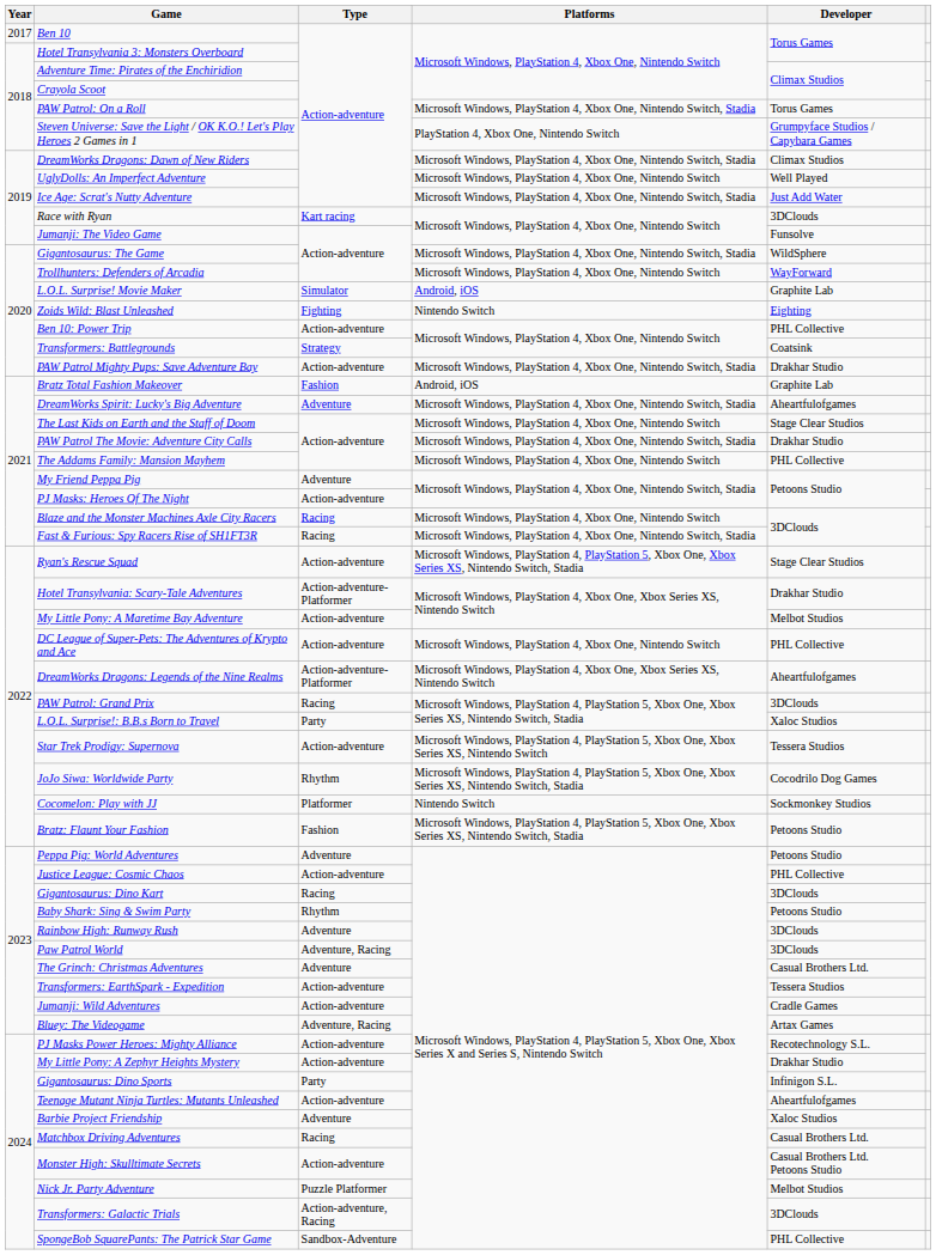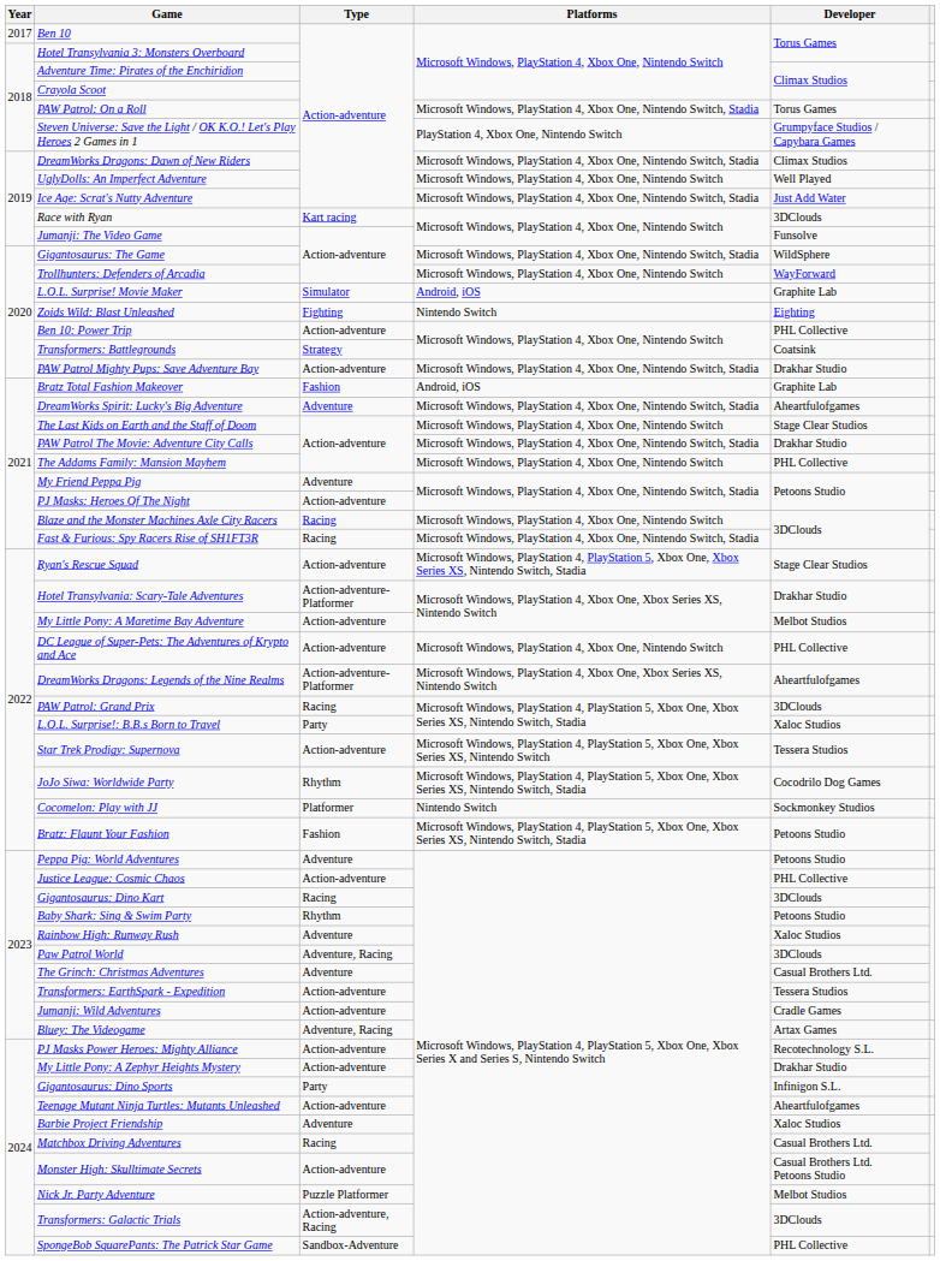 <table class="wikitable sortable plainrowheaders">
 <tr>
 <th scope="col">Year</th>
 <th scope="col">Game</th>
 <th scope="col">Type</th>
 <th scope="col">Platforms</th>
 <th scope="col">Developer</th>
 <th class="unsortable" scope="col"></th>
 </tr>
 <tr>
 <td>2017</td>
 <td><em><a href='#'>Ben 10</a></em></td>
 <td rowspan="9"><a href='#'>Action-adventure</a></td>
 <td rowspan="4"><a href='#'>Microsoft Windows</a>, <a href='#'>PlayStation 4</a>, <a href='#'>Xbox One</a>, <a href='#'>Nintendo Switch</a></td>
 <td rowspan="2"><a href='#'>Torus Games</a></td>
 <td></td>
 </tr>
 <tr>
 <td rowspan="5">2018</td>
 <td><em><a href='#'>Hotel Transylvania 3: Monsters Overboard</a></em></td>
 <td></td>
 </tr>
 <tr>
 <td><em><a href='#'>Adventure Time: Pirates of the Enchiridion</a></em></td>
 <td rowspan="2"><a href='#'>Climax Studios</a></td>
 <td></td>
 </tr>
 <tr>
 <td><em><a href='#'>Crayola Scoot</a></em></td>
 <td></td>
 </tr>
 <tr>
 <td><em><a href='#'>PAW Patrol: On a Roll</a></em></td>
 <td>Microsoft Windows, PlayStation 4, Xbox One, Nintendo Switch, <a href='#'>Stadia</a></td>
 <td>Torus Games</td>
 </tr>
 <tr>
 <td><em><a href='#'>Steven Universe: Save the Light</a> / <a href='#'>OK K.O.! Let's Play Heroes</a> 2 Games in 1</em></td>
 <td>PlayStation 4, Xbox One, Nintendo Switch</td>
 <td><a href='#'>Grumpyface Studios</a> / <a href='#'>Capybara Games</a></td>
 <td></td>
 </tr>
 <tr>
 <td rowspan="5">2019</td>
 <td><em><a href='#'>DreamWorks Dragons: Dawn of New Riders</a></em></td>
 <td>Microsoft Windows, PlayStation 4, Xbox One, Nintendo Switch, Stadia</td>
 <td>Climax Studios</td>
 <td></td>
 </tr>
 <tr>
 <td><em><a href='#'>UglyDolls: An Imperfect Adventure</a></em></td>
 <td>Microsoft Windows, PlayStation 4, Xbox One, Nintendo Switch</td>
 <td>Well Played</td>
 <td></td>
 </tr>
 <tr>
 <td><em><a href='#'>Ice Age: Scrat's Nutty Adventure</a></em></td>
 <td>Microsoft Windows, PlayStation 4, Xbox One, Nintendo Switch, Stadia</td>
 <td><a href='#'>Just Add Water</a></td>
 <td></td>
 </tr>
 <tr>
 <td><em>Race with Ryan</em></td>
 <td><a href='#'>Kart racing</a></td>
 <td rowspan="2">Microsoft Windows, PlayStation 4, Xbox One, Nintendo Switch</td>
 <td>3DClouds</td>
 <td></td>
 </tr>
 <tr>
 <td><em><a href='#'>Jumanji: The Video Game</a></em></td>
 <td rowspan="3">Action-adventure</td>
 <td>Funsolve</td>
 <td></td>
 </tr>
 <tr>
 <td rowspan="7">2020</td>
 <td><em><a href='#'>Gigantosaurus: The Game</a></em></td>
 <td>Microsoft Windows, PlayStation 4, Xbox One, Nintendo Switch, Stadia</td>
 <td>WildSphere</td>
 <td></td>
 </tr>
 <tr>
 <td><em><a href='#'>Trollhunters: Defenders of Arcadia</a></em></td>
 <td>Microsoft Windows, PlayStation 4, Xbox One, Nintendo Switch</td>
 <td><a href='#'>WayForward</a></td>
 <td></td>
 </tr>
 <tr>
 <td><em><a href='#'>L.O.L. Surprise! Movie Maker</a></em></td>
 <td><a href='#'>Simulator</a></td>
 <td><a href='#'>Android</a>, <a href='#'>iOS</a></td>
 <td>Graphite Lab</td>
 <td></td>
 </tr>
 <tr>
 <td><em><a href='#'>Zoids Wild: Blast Unleashed</a></em></td>
 <td><a href='#'>Fighting</a></td>
 <td>Nintendo Switch</td>
 <td><a href='#'>Eighting</a></td>
 <td></td>
 </tr>
 <tr>
 <td><em><a href='#'>Ben 10: Power Trip</a></em></td>
 <td>Action-adventure</td>
 <td rowspan="2">Microsoft Windows, PlayStation 4, Xbox One, Nintendo Switch</td>
 <td>PHL Collective</td>
 <td></td>
 </tr>
 <tr>
 <td><em><a href='#'>Transformers: Battlegrounds</a></em></td>
 <td><a href='#'>Strategy</a></td>
 <td>Coatsink</td>
 <td></td>
 </tr>
 <tr>
 <td><em><a href='#'>PAW Patrol Mighty Pups: Save Adventure Bay</a></em></td>
 <td>Action-adventure</td>
 <td>Microsoft Windows, PlayStation 4, Xbox One, Nintendo Switch, Stadia</td>
 <td>Drakhar Studio</td>
 <td></td>
 </tr>
 <tr>
 <td rowspan="9">2021</td>
 <td><em><a href='#'>Bratz Total Fashion Makeover</a></em></td>
 <td><a href='#'>Fashion</a></td>
 <td>Android, iOS</td>
 <td>Graphite Lab</td>
 <td></td>
 </tr>
 <tr>
 <td><em><a href='#'>DreamWorks Spirit: Lucky's Big Adventure</a></em></td>
 <td><a href='#'>Adventure</a></td>
 <td>Microsoft Windows, PlayStation 4, Xbox One, Nintendo Switch, Stadia</td>
 <td>Aheartfulofgames</td>
 <td></td>
 </tr>
 <tr>
 <td><em><a href='#'>The Last Kids on Earth and the Staff of Doom</a></em></td>
 <td rowspan="3">Action-adventure</td>
 <td>Microsoft Windows, PlayStation 4, Xbox One, Nintendo Switch</td>
 <td>Stage Clear Studios</td>
 <td></td>
 </tr>
 <tr>
 <td><em><a href='#'>PAW Patrol The Movie: Adventure City Calls</a></em></td>
 <td>Microsoft Windows, PlayStation 4, Xbox One, Nintendo Switch, Stadia</td>
 <td>Drakhar Studio</td>
 <td></td>
 </tr>
 <tr>
 <td><em><a href='#'>The Addams Family: Mansion Mayhem</a></em></td>
 <td>Microsoft Windows, PlayStation 4, Xbox One, Nintendo Switch</td>
 <td>PHL Collective</td>
 <td></td>
 </tr>
 <tr>
 <td><em><a href='#'>My Friend Peppa Pig</a></em></td>
 <td>Adventure</td>
 <td rowspan="2">Microsoft Windows, PlayStation 4, Xbox One, Nintendo Switch, Stadia</td>
 <td rowspan="2">Petoons Studio</td>
 <td></td>
 </tr>
 <tr>
 <td><em><a href='#'>PJ Masks: Heroes Of The Night</a></em></td>
 <td>Action-adventure</td>
 <td></td>
 </tr>
 <tr>
 <td><em><a href='#'>Blaze and the Monster Machines Axle City Racers</a></em></td>
 <td><a href='#'>Racing</a></td>
 <td>Microsoft Windows, PlayStation 4, Xbox One, Nintendo Switch</td>
 <td rowspan="2">3DClouds</td>
 <td></td>
 </tr>
 <tr>
 <td><em><a href='#'>Fast & Furious: Spy Racers Rise of SH1FT3R</a></em></td>
 <td>Racing</td>
 <td>Microsoft Windows, PlayStation 4, Xbox One, Nintendo Switch, Stadia</td>
 <td></td>
 </tr>
 <tr>
 <td rowspan="11">2022</td>
 <td><em><a href='#'>Ryan's Rescue Squad</a></em></td>
 <td>Action-adventure</td>
 <td>Microsoft Windows, PlayStation 4, <a href='#'>PlayStation 5</a>, Xbox One, <a href='#'>Xbox Series XS</a>, Nintendo Switch, Stadia</td>
 <td>Stage Clear Studios</td>
 <td></td>
 </tr>
 <tr>
 <td><em><a href='#'>Hotel Transylvania: Scary-Tale Adventures</a></em></td>
 <td>Action-adventure-Platformer</td>
 <td rowspan="2">Microsoft Windows, PlayStation 4, Xbox One, Xbox Series XS, Nintendo Switch</td>
 <td>Drakhar Studio</td>
 <td></td>
 </tr>
 <tr>
 <td><em><a href='#'>My Little Pony: A Maretime Bay Adventure</a></em></td>
 <td>Action-adventure</td>
 <td>Melbot Studios</td>
 <td></td>
 </tr>
 <tr>
 <td><em><a href='#'>DC League of Super-Pets: The Adventures of Krypto and Ace</a></em></td>
 <td>Action-adventure</td>
 <td>Microsoft Windows, PlayStation 4, Xbox One, Nintendo Switch</td>
 <td>PHL Collective</td>
 <td></td>
 </tr>
 <tr>
 <td><em><a href='#'>DreamWorks Dragons: Legends of the Nine Realms</a></em></td>
 <td>Action-adventure-Platformer</td>
 <td>Microsoft Windows, PlayStation 4, Xbox One, Xbox Series XS, Nintendo Switch</td>
 <td>Aheartfulofgames</td>
 <td></td>
 </tr>
 <tr>
 <td><em><a href='#'>PAW Patrol: Grand Prix</a></em></td>
 <td>Racing</td>
 <td rowspan="2">Microsoft Windows, PlayStation 4, PlayStation 5, Xbox One, Xbox Series XS, Nintendo Switch, Stadia</td>
 <td>3DClouds</td>
 <td></td>
 </tr>
 <tr>
 <td><em><a href='#'>L.O.L. Surprise!: B.B.s Born to Travel</a></em></td>
 <td>Party</td>
 <td>Xaloc Studios</td>
 <td></td>
 </tr>
 <tr>
 <td><em><a href='#'>Star Trek Prodigy: Supernova</a></em></td>
 <td>Action-adventure</td>
 <td>Microsoft Windows, PlayStation 4, PlayStation 5, Xbox One, Xbox Series XS, Nintendo Switch</td>
 <td>Tessera Studios</td>
 <td></td>
 </tr>
 <tr>
 <td><em><a href='#'>JoJo Siwa: Worldwide Party</a></em></td>
 <td>Rhythm</td>
 <td>Microsoft Windows, PlayStation 4, PlayStation 5, Xbox One, Xbox Series XS, Nintendo Switch, Stadia</td>
 <td>Cocodrilo Dog Games</td>
 <td></td>
 </tr>
 <tr>
 <td><em><a href='#'>Cocomelon: Play with JJ</a></em></td>
 <td>Platformer</td>
 <td>Nintendo Switch</td>
 <td>Sockmonkey Studios</td>
 </tr>
 <tr>
 <td><em><a href='#'>Bratz: Flaunt Your Fashion</a></em></td>
 <td>Fashion</td>
 <td>Microsoft Windows, PlayStation 4, PlayStation 5, Xbox One, Xbox Series XS, Nintendo Switch, Stadia</td>
 <td>Petoons Studio</td>
 <td></td>
 </tr>
 <tr>
 <td rowspan="10">2023</td>
 <td><em><a href='#'>Peppa Pig: World Adventures</a></em></td>
 <td>Adventure</td>
 <td rowspan="20">Microsoft Windows, PlayStation 4, PlayStation 5, Xbox One, Xbox Series X and Series S, Nintendo Switch</td>
 <td>Petoons Studio</td>
 <td></td>
 </tr>
 <tr>
 <td><em><a href='#'>Justice League: Cosmic Chaos</a></em></td>
 <td>Action-adventure</td>
 <td>PHL Collective</td>
 <td></td>
 </tr>
 <tr>
 <td><em><a href='#'>Gigantosaurus: Dino Kart</a></em></td>
 <td>Racing</td>
 <td>3DClouds</td>
 </tr>
 <tr>
 <td><em><a href='#'>Baby Shark: Sing & Swim Party</a></em></td>
 <td>Rhythm</td>
 <td>Petoons Studio</td>
 </tr>
 <tr>
 <td><em><a href='#'>Rainbow High: Runway Rush</a></em></td>
 <td>Adventure</td>
-<td>3DClouds</td>
+<td>Xaloc Studios</td>
 </tr>
 <tr>
 <td><em><a href='#'>Paw Patrol World</a></em></td>
 <td>Adventure, Racing</td>
 <td>3DClouds</td>
 </tr>
 <tr>
 <td><em><a href='#'>The Grinch: Christmas Adventures</a></em></td>
 <td>Adventure</td>
 <td>Casual Brothers Ltd.</td>
 </tr>
 <tr>
 <td><em><a href='#'>Transformers: EarthSpark - Expedition</a></em></td>
 <td>Action-adventure</td>
 <td>Tessera Studios</td>
 </tr>
 <tr>
 <td><em><a href='#'>Jumanji: Wild Adventures</a></em></td>
 <td>Action-adventure</td>
 <td>Cradle Games</td>
 </tr>
 <tr>
 <td><em><a href='#'>Bluey: The Videogame</a></em></td>
 <td>Adventure, Racing</td>
 <td>Artax Games</td>
 <td></td>
 </tr>
 <tr>
 <td rowspan="10">2024</td>
 <td><em><a href='#'>PJ Masks Power Heroes: Mighty Alliance</a></em></td>
 <td>Action-adventure</td>
 <td>Recotechnology S.L.</td>
 </tr>
 <tr>
 <td><em><a href='#'>My Little Pony: A Zephyr Heights Mystery</a></em></td>
 <td>Action-adventure</td>
 <td>Drakhar Studio</td>
 </tr>
 <tr>
 <td><em><a href='#'>Gigantosaurus: Dino Sports</a></em></td>
 <td>Party</td>
 <td>Infinigon S.L.</td>
 </tr>
 <tr>
 <td><em><a href='#'>Teenage Mutant Ninja Turtles: Mutants Unleashed</a></em></td>
 <td>Action-adventure</td>
 <td>Aheartfulofgames</td>
 <td></td>
 </tr>
 <tr>
 <td><em><a href='#'>Barbie Project Friendship</a></em></td>
 <td>Adventure</td>
 <td>Xaloc Studios</td>
 <td rowspan="3"></td>
 </tr>
 <tr>
 <td><em><a href='#'>Matchbox Driving Adventures</a></em></td>
 <td>Racing</td>
 <td>Casual Brothers Ltd.</td>
 </tr>
 <tr>
 <td><em><a href='#'>Monster High: Skulltimate Secrets</a></em></td>
 <td>Action-adventure</td>
 <td>Casual Brothers Ltd.<br>Petoons Studio</td>
 </tr>
 <tr>
 <td><em><a href='#'>Nick Jr. Party Adventure</a></em></td>
 <td>Puzzle Platformer</td>
 <td>Melbot Studios</td>
 </tr>
 <tr>
 <td><em><a href='#'>Transformers: Galactic Trials</a></em></td>
 <td>Action-adventure, Racing</td>
 <td>3DClouds</td>
 <td></td>
 </tr>
 <tr>
 <td><em><a href='#'>SpongeBob SquarePants: The Patrick Star Game</a></em></td>
 <td>Sandbox-Adventure</td>
 <td>PHL Collective</td>
 </tr>
 </table>
